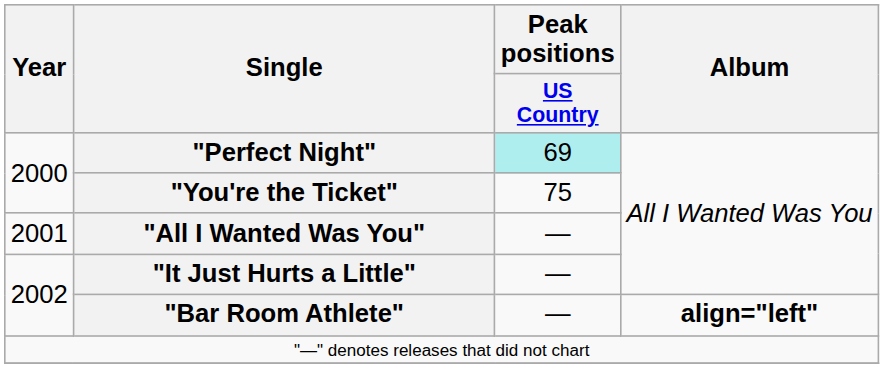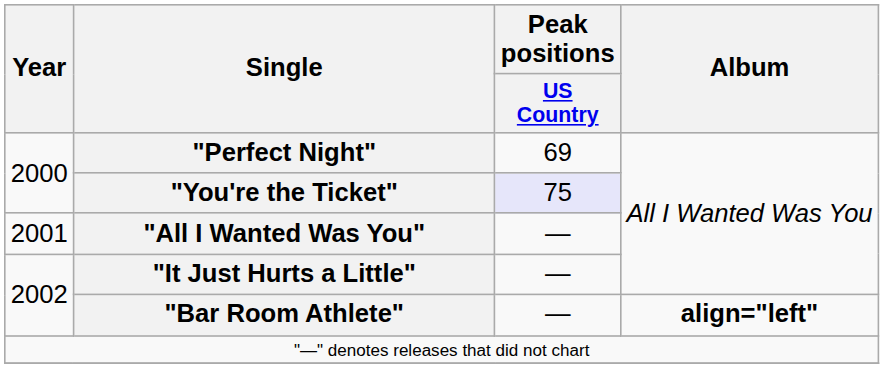 <table class="wikitable plainrowheaders" style="text-align:center;">
 <tr>
 <th rowspan="2">Year</th>
 <th rowspan="2" style="width:16em;">Single</th>
 <th>Peak positions</th>
 <th rowspan="2">Album</th>
 </tr>
 <tr style="font-size:smaller;">
 <th width="65"><a href='#'>US Country</a></th>
 </tr>
 <tr>
 <td rowspan="2">2000</td>
 <th scope="row">"Perfect Night"</th>
-<td style="background: paleturquoise;">69</td>
+<td>69</td>
 <td align="left" rowspan="4"><em>All I Wanted Was You</em></td>
 </tr>
 <tr>
 <th scope="row">"You're the Ticket"</th>
-<td>75</td>
+<td style="background: lavender;">75</td>
 </tr>
 <tr>
 <td>2001</td>
 <th scope="row">"All I Wanted Was You"</th>
 <td>—</td>
 </tr>
 <tr>
 <td rowspan="2">2002</td>
 <th scope="row">"It Just Hurts a Little"</th>
 <td>—</td>
 </tr>
 <tr>
 <th scope="row">"Bar Room Athlete"</th>
 <td>—</td>
 <td><strong>align="left"</strong></td>
 </tr>
 <tr>
 <td colspan="4" style="font-size:8pt">"—" denotes releases that did not chart</td>
 </tr>
 <tr>
 </tr>
 </table>
